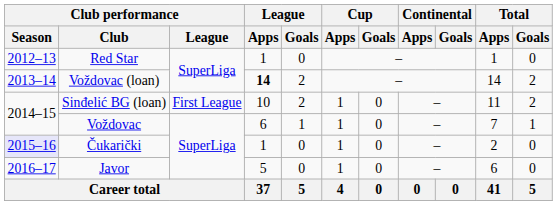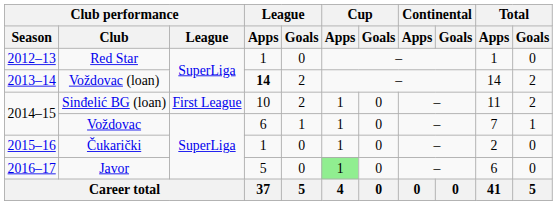 <table class="wikitable" style="text-align:center">
 <tr>
 <th colspan=3>Club performance</th>
 <th colspan=2>League</th>
 <th colspan=2>Cup</th>
 <th colspan=2>Continental</th>
 <th colspan=2>Total</th>
 </tr>
 <tr>
 <th>Season</th>
 <th>Club</th>
 <th>League</th>
 <th>Apps</th>
 <th>Goals</th>
 <th>Apps</th>
 <th>Goals</th>
 <th>Apps</th>
 <th>Goals</th>
 <th>Apps</th>
 <th>Goals</th>
 </tr>
 <tr>
 <td><a href='#'>2012–13</a></td>
 <td><a href='#'>Red Star</a></td>
 <td rowspan=2><a href='#'>SuperLiga</a></td>
 <td>1</td>
 <td>0</td>
 <td colspan="4">–</td>
 <td>1</td>
 <td>0</td>
 </tr>
 <tr>
 <td><a href='#'>2013–14</a></td>
 <td><a href='#'>Voždovac</a> (loan)</td>
 <td><strong>14</strong></td>
 <td>2</td>
 <td colspan="4">–</td>
 <td>14</td>
 <td>2</td>
 </tr>
 <tr>
 <td rowspan=2>2014–15</td>
 <td><a href='#'>Sinđelić BG</a> (loan)</td>
 <td><a href='#'>First League</a></td>
 <td>10</td>
 <td>2</td>
 <td>1</td>
 <td>0</td>
 <td colspan="2">–</td>
 <td>11</td>
 <td>2</td>
 </tr>
 <tr>
 <td><a href='#'>Voždovac</a></td>
 <td rowspan=3><a href='#'>SuperLiga</a></td>
 <td>6</td>
 <td>1</td>
 <td>1</td>
 <td>0</td>
 <td colspan="2">–</td>
 <td>7</td>
 <td>1</td>
 </tr>
 <tr>
-<td style="background: lavender;"><a href='#'>2015–16</a></td>
+<td><a href='#'>2015–16</a></td>
 <td><a href='#'>Čukarički</a></td>
 <td>1</td>
 <td>0</td>
 <td>1</td>
 <td>0</td>
 <td colspan="2">–</td>
 <td>2</td>
 <td>0</td>
 </tr>
 <tr>
 <td><a href='#'>2016–17</a></td>
 <td><a href='#'>Javor</a></td>
 <td>5</td>
 <td>0</td>
-<td>1</td>
+<td style="background: lightgreen;">1</td>
 <td>0</td>
 <td colspan="2">–</td>
 <td>6</td>
 <td>0</td>
 </tr>
 <tr>
 <th colspan=3>Career total</th>
 <th>37</th>
 <th>5</th>
 <th>4</th>
 <th>0</th>
 <th>0</th>
 <th>0</th>
 <th>41</th>
 <th>5</th>
 </tr>
 </table>
